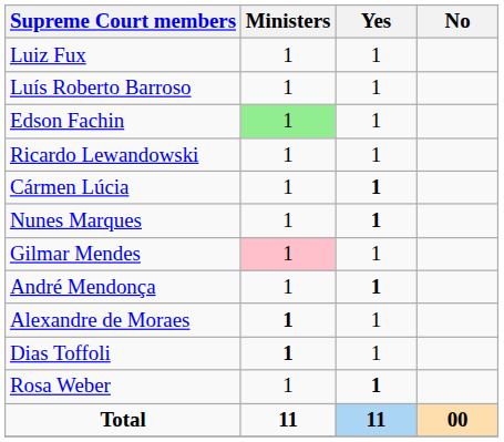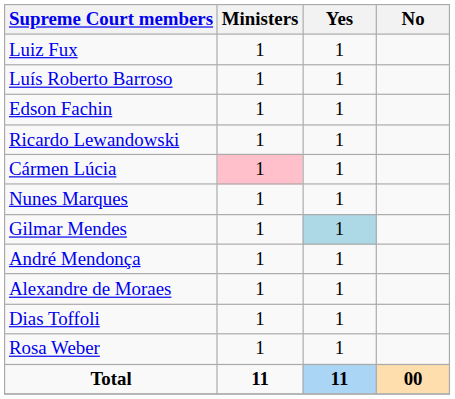 <table class="wikitable">
 <tr>
 <th><a href='#'>Supreme Court members</a></th>
 <th width="55pt">Ministers</th>
 <th width="55pt">Yes</th>
 <th width="55pt">No</th>
 </tr>
 <tr>
 <td align="left"><a href='#'>Luiz Fux</a></td>
 <td align="center">1</td>
 <td align="center">1</td>
 <td align="center"></td>
 </tr>
 <tr>
 <td align="left"><a href='#'>Luís Roberto Barroso</a></td>
 <td align="center">1</td>
 <td align="center">1</td>
 <td align="center"></td>
 </tr>
 <tr>
 <td align="left"><a href='#'>Edson Fachin</a></td>
-<td align="center" style="background: lightgreen;">1</td>
+<td align="center">1</td>
 <td align="center">1</td>
 <td align="center"></td>
 </tr>
 <tr>
 <td align="left"><a href='#'>Ricardo Lewandowski</a></td>
 <td align="center">1</td>
 <td align="center">1</td>
 <td align="center"></td>
 </tr>
 <tr>
 <td align="left"><a href='#'>Cármen Lúcia</a></td>
+<td align="center" style="background: pink;">1</td>
 <td align="center">1</td>
-<td align="center"><strong>1</strong></td>
 <td align="center"></td>
 </tr>
 <tr>
 <td align="left"><a href='#'>Nunes Marques</a></td>
 <td align="center">1</td>
-<td align="center"><strong>1</strong></td>
+<td align="center">1</td>
 <td align="center"></td>
 </tr>
 <tr>
 <td align="left"><a href='#'>Gilmar Mendes</a></td>
-<td align="center" style="background: pink;">1</td>
 <td align="center">1</td>
+<td align="center" style="background: lightblue;">1</td>
 <td align="center"></td>
 </tr>
 <tr>
 <td align="left"><a href='#'>André Mendonça</a></td>
 <td align="center">1</td>
-<td align="center"><strong>1</strong></td>
+<td align="center">1</td>
 <td align="center"></td>
 </tr>
 <tr>
 <td align="left"><a href='#'>Alexandre de Moraes</a></td>
-<td align="center"><strong>1</strong></td>
+<td align="center">1</td>
 <td align="center">1</td>
 <td align="center"></td>
 </tr>
 <tr>
 <td align="left"><a href='#'>Dias Toffoli</a></td>
-<td align="center"><strong>1</strong></td>
+<td align="center">1</td>
 <td align="center">1</td>
 <td align="center"></td>
 </tr>
 <tr>
 <td align="left"><a href='#'>Rosa Weber</a></td>
 <td align="center">1</td>
-<td align="center"><strong>1</strong></td>
+<td align="center">1</td>
 <td align="center"></td>
 </tr>
 <tr>
 <td align="center"><strong>Total</strong></td>
 <td align="center"><strong>11</strong></td>
 <td align="center" bgcolor="#abd5f5"><strong>11</strong></td>
 <td align="center" bgcolor="#FFDEAD"><strong>00</strong></td>
 </tr>
 <tr>
 </tr>
 </table>
